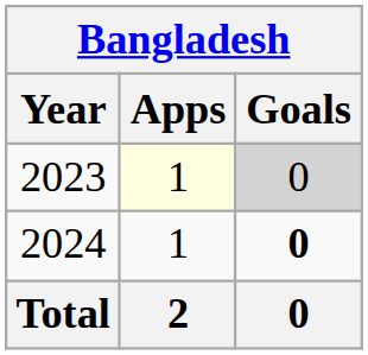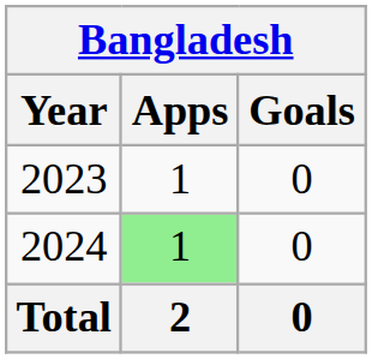 <table class="wikitable" style="text-align:center">
 <tr>
 <th colspan=10><a href='#'>Bangladesh</a></th>
 </tr>
 <tr>
 <th>Year</th>
 <th>Apps</th>
 <th>Goals</th>
 </tr>
 <tr>
 <td>2023</td>
-<td style="background: lightyellow;">1</td>
-<td style="background: lightgrey;">0</td>
+<td>1</td>
+<td>0</td>
 </tr>
 <tr>
 <td>2024</td>
-<td>1</td>
-<td><strong>0</strong></td>
+<td style="background: lightgreen;">1</td>
+<td>0</td>
 </tr>
 <tr>
 <th>Total</th>
 <th>2</th>
 <th>0</th>
 </tr>
 </table>
